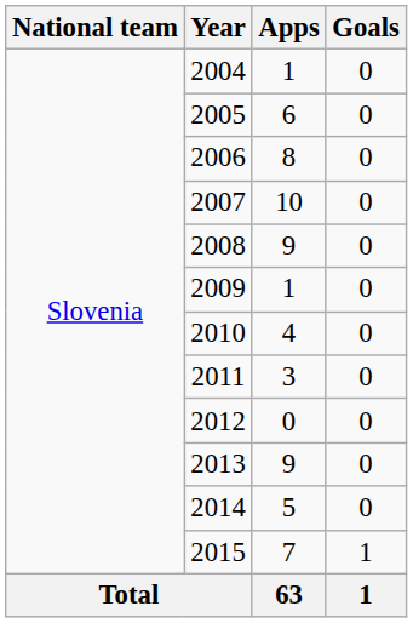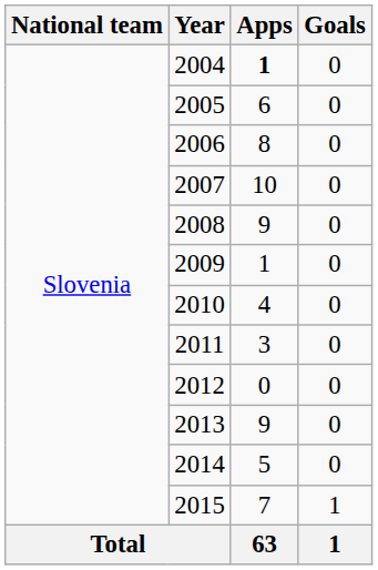 <table class="wikitable" style="text-align:center">
 <tr>
 <th>National team</th>
 <th>Year</th>
 <th>Apps</th>
 <th>Goals</th>
 </tr>
 <tr>
 <td rowspan="12"><a href='#'>Slovenia</a></td>
 <td>2004</td>
-<td>1</td>
+<td><strong>1</strong></td>
 <td>0</td>
 </tr>
 <tr>
 <td>2005</td>
 <td>6</td>
 <td>0</td>
 </tr>
 <tr>
 <td>2006</td>
 <td>8</td>
 <td>0</td>
 </tr>
 <tr>
 <td>2007</td>
 <td>10</td>
 <td>0</td>
 </tr>
 <tr>
 <td>2008</td>
 <td>9</td>
 <td>0</td>
 </tr>
 <tr>
 <td>2009</td>
 <td>1</td>
 <td>0</td>
 </tr>
 <tr>
 <td>2010</td>
 <td>4</td>
 <td>0</td>
 </tr>
 <tr>
 <td>2011</td>
 <td>3</td>
 <td>0</td>
 </tr>
 <tr>
 <td>2012</td>
 <td>0</td>
 <td>0</td>
 </tr>
 <tr>
 <td>2013</td>
 <td>9</td>
 <td>0</td>
 </tr>
 <tr>
 <td>2014</td>
 <td>5</td>
 <td>0</td>
 </tr>
 <tr>
 <td>2015</td>
 <td>7</td>
 <td>1</td>
 </tr>
 <tr>
 <th colspan="2">Total</th>
 <th>63</th>
 <th>1</th>
 </tr>
 </table>
